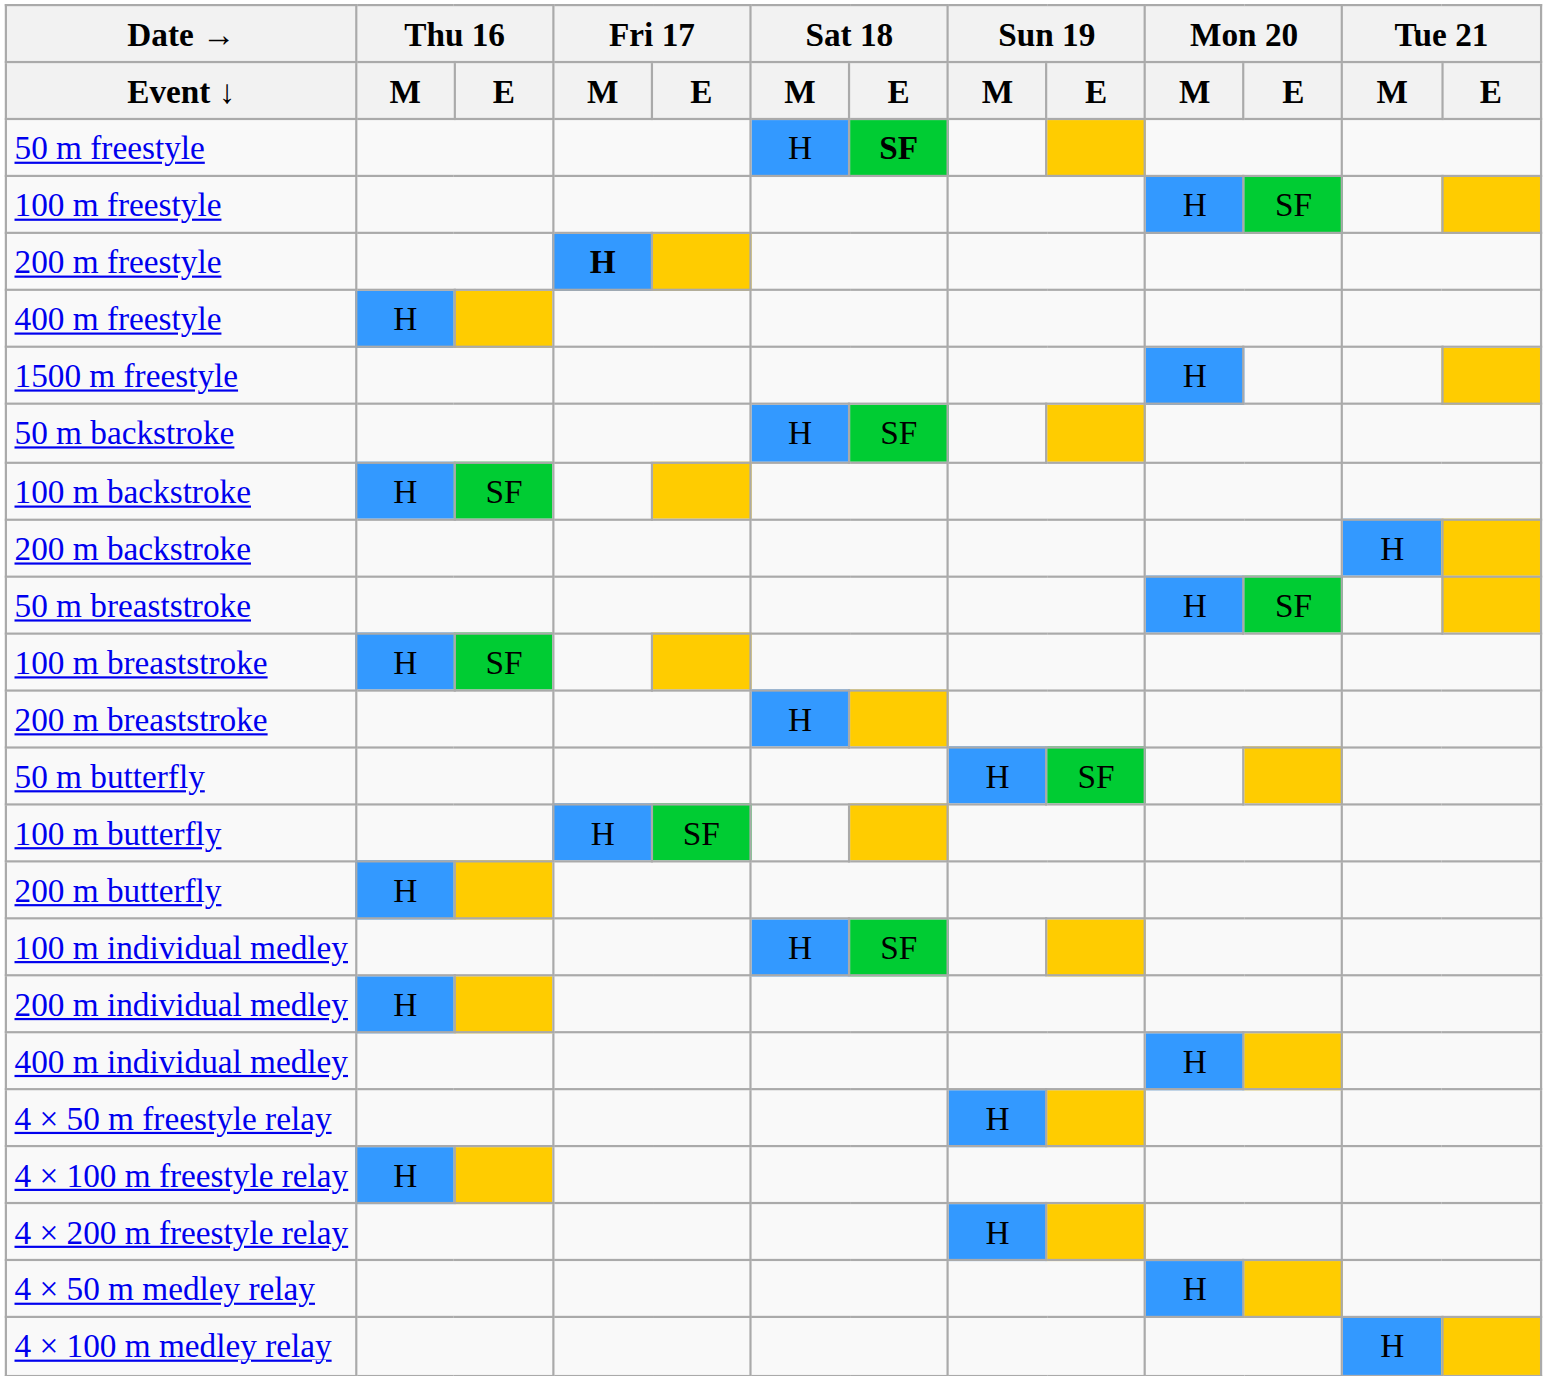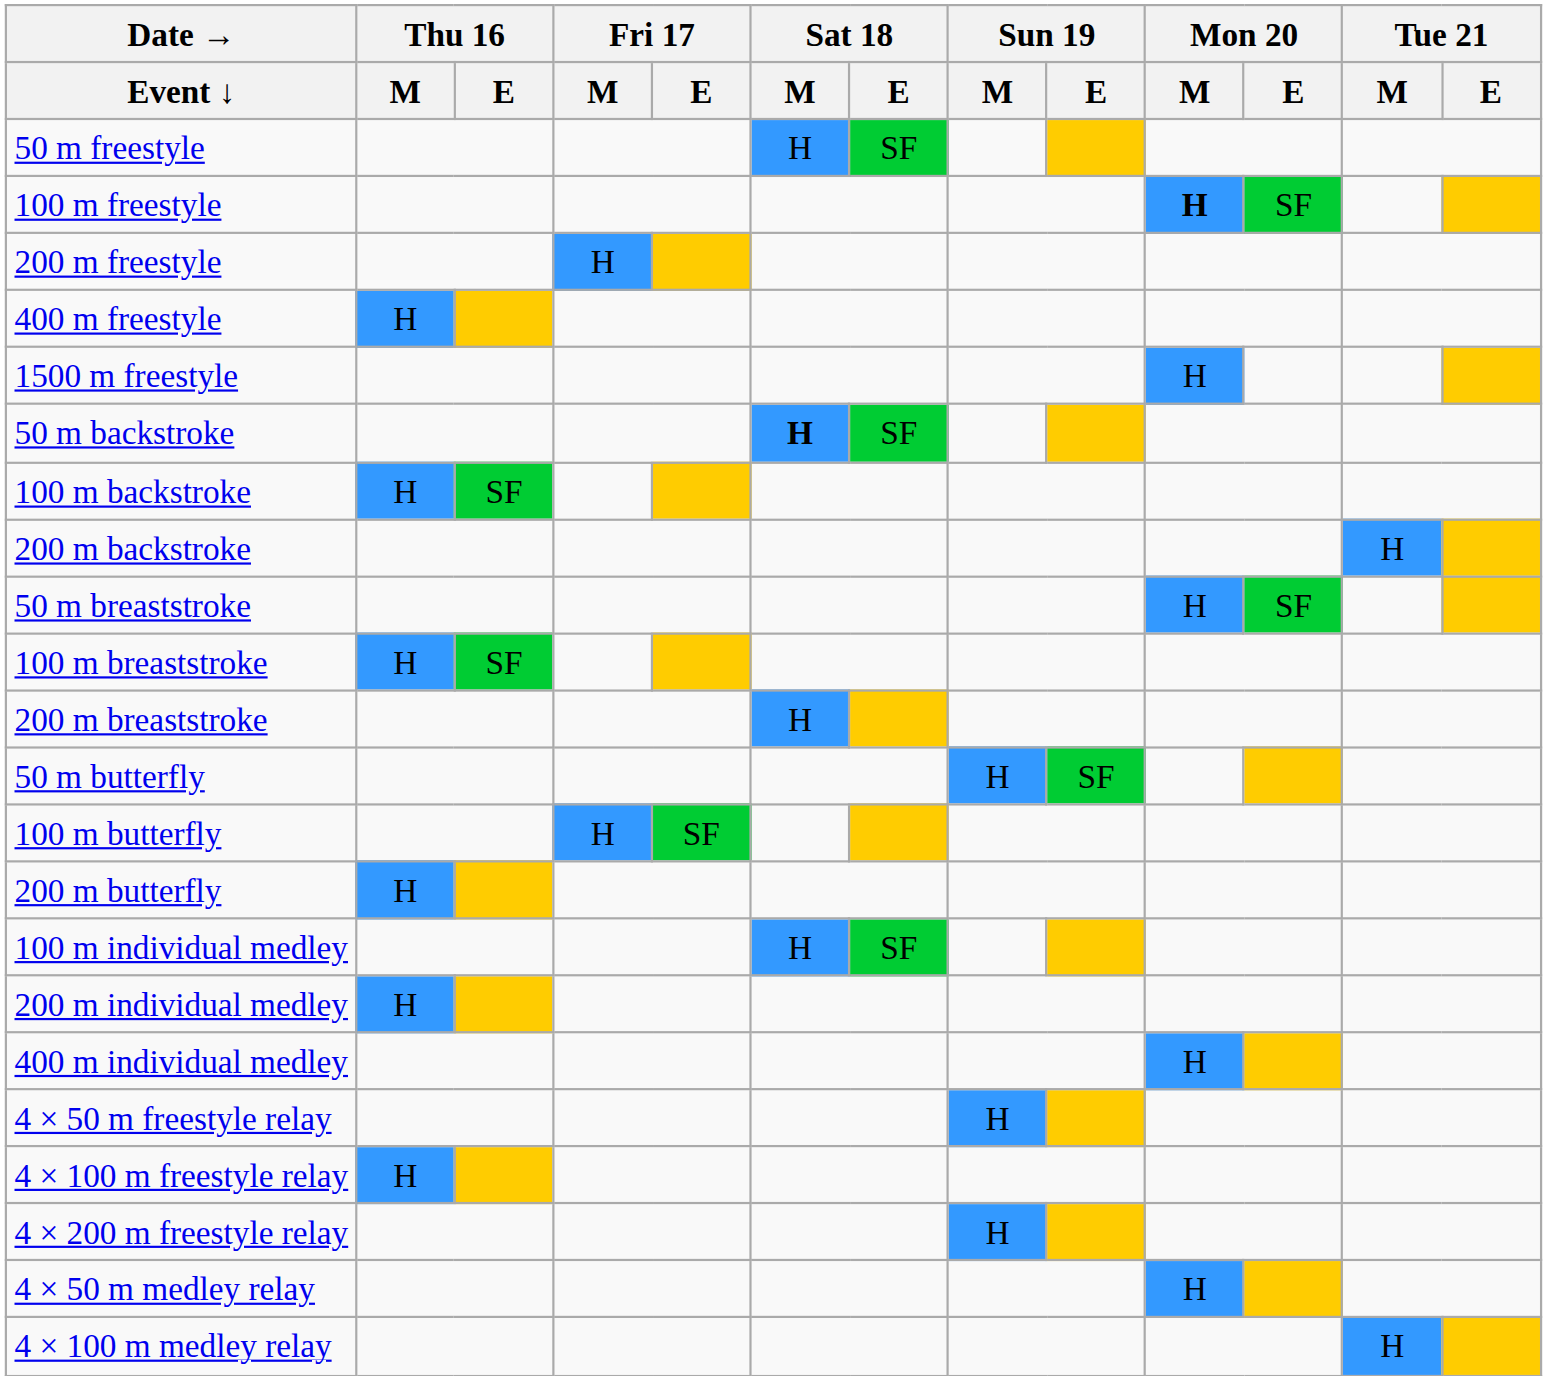 <table class="wikitable" style="margin:0.5em auto; font-size:95%; line-height:1.25em;">
 <tr style="text-align:center;">
 <th>Date →</th>
 <th colspan="2">Thu 16</th>
 <th colspan="2">Fri 17</th>
 <th colspan="2">Sat 18</th>
 <th colspan="2">Sun 19</th>
 <th colspan="2">Mon 20</th>
 <th colspan="2">Tue 21</th>
 </tr>
 <tr>
 <th>Event   ↓</th>
 <th style="width:2.5em;">M</th>
 <th style="width:2.5em;">E</th>
 <th style="width:2.5em;">M</th>
 <th style="width:2.5em;">E</th>
 <th style="width:2.5em;">M</th>
 <th style="width:2.5em;">E</th>
 <th style="width:2.5em;">M</th>
 <th style="width:2.5em;">E</th>
 <th style="width:2.5em;">M</th>
 <th style="width:2.5em;">E</th>
 <th style="width:2.5em;">M</th>
 <th style="width:2.5em;">E</th>
 </tr>
 <tr style="text-align:center;">
 <td style="text-align:left;"><a href='#'>50 m freestyle</a></td>
 <td colspan="2"></td>
 <td colspan="2"></td>
 <td style="background-color:#3399ff;">H</td>
-<td style="background-color:#00cc33;"><strong>SF</strong></td>
+<td style="background-color:#00cc33;">SF</td>
 <td></td>
 <td style="background-color:#ffcc00;"></td>
 <td colspan="2"></td>
 <td colspan="2"></td>
 </tr>
 <tr style="text-align:center;">
 <td style="text-align:left;"><a href='#'>100 m freestyle</a></td>
 <td colspan="2"></td>
 <td colspan="2"></td>
 <td colspan="2"></td>
 <td colspan="2"></td>
-<td style="background-color:#3399ff;">H</td>
+<td style="background-color:#3399ff;"><strong>H</strong></td>
 <td style="background-color:#00cc33;">SF</td>
 <td></td>
 <td style="background-color:#ffcc00;"></td>
 </tr>
 <tr style="text-align:center;">
 <td style="text-align:left;"><a href='#'>200 m freestyle</a></td>
 <td colspan="2"></td>
-<td style="background-color:#3399ff;"><strong>H</strong></td>
+<td style="background-color:#3399ff;">H</td>
 <td style="background-color:#ffcc00;"></td>
 <td colspan="2"></td>
 <td colspan="2"></td>
 <td colspan="2"></td>
 <td colspan="2"></td>
 </tr>
 <tr style="text-align:center;">
 <td style="text-align:left;"><a href='#'>400 m freestyle</a></td>
 <td style="background-color:#3399ff;">H</td>
 <td style="background-color:#ffcc00;"></td>
 <td colspan="2"></td>
 <td colspan="2"></td>
 <td colspan="2"></td>
 <td colspan="2"></td>
 <td colspan="2"></td>
 </tr>
 <tr style="text-align:center;">
 <td style="text-align:left;"><a href='#'>1500 m freestyle</a></td>
 <td colspan="2"></td>
 <td colspan="2"></td>
 <td colspan="2"></td>
 <td colspan="2"></td>
 <td style="background-color:#3399ff;">H</td>
 <td></td>
 <td></td>
 <td style="background-color:#ffcc00;"></td>
 </tr>
 <tr style="text-align:center;">
 <td style="text-align:left;"><a href='#'>50 m backstroke</a></td>
 <td colspan="2"></td>
 <td colspan="2"></td>
-<td style="background-color:#3399ff;">H</td>
+<td style="background-color:#3399ff;"><strong>H</strong></td>
 <td style="background-color:#00cc33;">SF</td>
 <td></td>
 <td style="background-color:#ffcc00;"></td>
 <td colspan="2"></td>
 <td colspan="2"></td>
 </tr>
 <tr style="text-align:center;">
 <td style="text-align:left;"><a href='#'>100 m backstroke</a></td>
 <td style="background-color:#3399ff;">H</td>
 <td style="background-color:#00cc33;">SF</td>
 <td></td>
 <td style="background-color:#ffcc00;"></td>
 <td colspan="2"></td>
 <td colspan="2"></td>
 <td colspan="2"></td>
 <td colspan="2"></td>
 </tr>
 <tr style="text-align:center;">
 <td style="text-align:left;"><a href='#'>200 m backstroke</a></td>
 <td colspan="2"></td>
 <td colspan="2"></td>
 <td colspan="2"></td>
 <td colspan="2"></td>
 <td colspan="2"></td>
 <td style="background-color:#3399ff;">H</td>
 <td style="background-color:#ffcc00;"></td>
 </tr>
 <tr style="text-align:center;">
 <td style="text-align:left;"><a href='#'>50 m breaststroke</a></td>
 <td colspan="2"></td>
 <td colspan="2"></td>
 <td colspan="2"></td>
 <td colspan="2"></td>
 <td style="background-color:#3399ff;">H</td>
 <td style="background-color:#00cc33;">SF</td>
 <td></td>
 <td style="background-color:#ffcc00;"></td>
 </tr>
 <tr style="text-align:center;">
 <td style="text-align:left;"><a href='#'>100 m breaststroke</a></td>
 <td style="background-color:#3399ff;">H</td>
 <td style="background-color:#00cc33;">SF</td>
 <td></td>
 <td style="background-color:#ffcc00;"></td>
 <td colspan="2"></td>
 <td colspan="2"></td>
 <td colspan="2"></td>
 <td colspan="2"></td>
 </tr>
 <tr style="text-align:center;">
 <td style="text-align:left;"><a href='#'>200 m breaststroke</a></td>
 <td colspan="2"></td>
 <td colspan="2"></td>
 <td style="background-color:#3399ff;">H</td>
 <td style="background-color:#ffcc00;"></td>
 <td colspan="2"></td>
 <td colspan="2"></td>
 <td colspan="2"></td>
 </tr>
 <tr style="text-align:center;">
 <td style="text-align:left;"><a href='#'>50 m butterfly</a></td>
 <td colspan="2"></td>
 <td colspan="2"></td>
 <td colspan="2"></td>
 <td style="background-color:#3399ff;">H</td>
 <td style="background-color:#00cc33;">SF</td>
 <td></td>
 <td style="background-color:#ffcc00;"></td>
 <td colspan="2"></td>
 </tr>
 <tr style="text-align:center;">
 <td style="text-align:left;"><a href='#'>100 m butterfly</a></td>
 <td colspan="2"></td>
 <td style="background-color:#3399ff;">H</td>
 <td style="background-color:#00cc33;">SF</td>
 <td></td>
 <td style="background-color:#ffcc00;"></td>
 <td colspan="2"></td>
 <td colspan="2"></td>
 <td colspan="2"></td>
 </tr>
 <tr style="text-align:center;">
 <td style="text-align:left;"><a href='#'>200 m butterfly</a></td>
 <td style="background-color:#3399ff;">H</td>
 <td style="background-color:#ffcc00;"></td>
 <td colspan="2"></td>
 <td colspan="2"></td>
 <td colspan="2"></td>
 <td colspan="2"></td>
 <td colspan="2"></td>
 </tr>
 <tr style="text-align:center;">
 <td style="text-align:left;"><a href='#'>100 m individual medley</a></td>
 <td colspan="2"></td>
 <td colspan="2"></td>
 <td style="background-color:#3399ff;">H</td>
 <td style="background-color:#00cc33;">SF</td>
 <td></td>
 <td style="background-color:#ffcc00;"></td>
 <td colspan="2"></td>
 <td colspan="2"></td>
 </tr>
 <tr style="text-align:center;">
 <td style="text-align:left;"><a href='#'>200 m individual medley</a></td>
 <td style="background-color:#3399ff;">H</td>
 <td style="background-color:#ffcc00;"></td>
 <td colspan="2"></td>
 <td colspan="2"></td>
 <td colspan="2"></td>
 <td colspan="2"></td>
 <td colspan="2"></td>
 </tr>
 <tr style="text-align:center;">
 <td style="text-align:left;"><a href='#'>400 m individual medley</a></td>
 <td colspan="2"></td>
 <td colspan="2"></td>
 <td colspan="2"></td>
 <td colspan="2"></td>
 <td style="background-color:#3399ff;">H</td>
 <td style="background-color:#ffcc00;"></td>
 <td colspan="2"></td>
 </tr>
 <tr style="text-align:center;">
 <td style="text-align:left;"><a href='#'>4 × 50 m freestyle relay</a></td>
 <td colspan="2"></td>
 <td colspan="2"></td>
 <td colspan="2"></td>
 <td style="background-color:#3399ff;">H</td>
 <td style="background-color:#ffcc00;"></td>
 <td colspan="2"></td>
 <td colspan="2"></td>
 </tr>
 <tr style="text-align:center;">
 <td style="text-align:left;"><a href='#'>4 × 100 m freestyle relay</a></td>
 <td style="background-color:#3399ff;">H</td>
 <td style="background-color:#ffcc00;"></td>
 <td colspan="2"></td>
 <td colspan="2"></td>
 <td colspan="2"></td>
 <td colspan="2"></td>
 <td colspan="2"></td>
 </tr>
 <tr style="text-align:center;">
 <td style="text-align:left;"><a href='#'>4 × 200 m freestyle relay</a></td>
 <td colspan="2"></td>
 <td colspan="2"></td>
 <td colspan="2"></td>
 <td style="background-color:#3399ff;">H</td>
 <td style="background-color:#ffcc00;"></td>
 <td colspan="2"></td>
 <td colspan="2"></td>
 </tr>
 <tr style="text-align:center;">
 <td style="text-align:left;"><a href='#'>4 × 50 m medley relay</a></td>
 <td colspan="2"></td>
 <td colspan="2"></td>
 <td colspan="2"></td>
 <td colspan="2"></td>
 <td style="background-color:#3399ff;">H</td>
 <td style="background-color:#ffcc00;"></td>
 <td colspan="2"></td>
 </tr>
 <tr style="text-align:center;">
 <td style="text-align:left;"><a href='#'>4 × 100 m medley relay</a></td>
 <td colspan="2"></td>
 <td colspan="2"></td>
 <td colspan="2"></td>
 <td colspan="2"></td>
 <td colspan="2"></td>
 <td style="background-color:#3399ff;">H</td>
 <td style="background-color:#ffcc00;"></td>
 </tr>
 </table>
